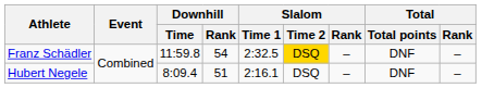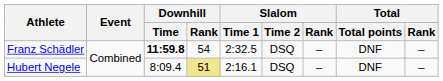 <table class="wikitable" style="font-size:90%">
 <tr>
 <th rowspan="2">Athlete</th>
 <th rowspan="2">Event</th>
 <th colspan="2">Downhill</th>
 <th colspan="3">Slalom</th>
 <th colspan="2">Total</th>
 </tr>
 <tr>
 <th>Time</th>
 <th>Rank</th>
 <th>Time 1</th>
 <th>Time 2</th>
 <th>Rank</th>
 <th>Total points</th>
 <th>Rank</th>
 </tr>
 <tr>
 <td><a href='#'>Franz Schädler</a></td>
 <td rowspan="2">Combined</td>
-<td align="center">11:59.8</td>
+<td align="center"><strong>11:59.8</strong></td>
 <td align="center">54</td>
 <td align="center">2:32.5</td>
-<td align="center" style="background: gold;">DSQ</td>
+<td align="center">DSQ</td>
 <td align="center">–</td>
 <td align="center">DNF</td>
 <td align="center">–</td>
 </tr>
 <tr>
 <td><a href='#'>Hubert Negele</a></td>
 <td align="center">8:09.4</td>
-<td align="center">51</td>
+<td align="center" style="background: khaki;">51</td>
 <td align="center">2:16.1</td>
 <td align="center">DSQ</td>
 <td align="center">–</td>
 <td align="center">DNF</td>
 <td align="center">–</td>
 </tr>
 </table>
